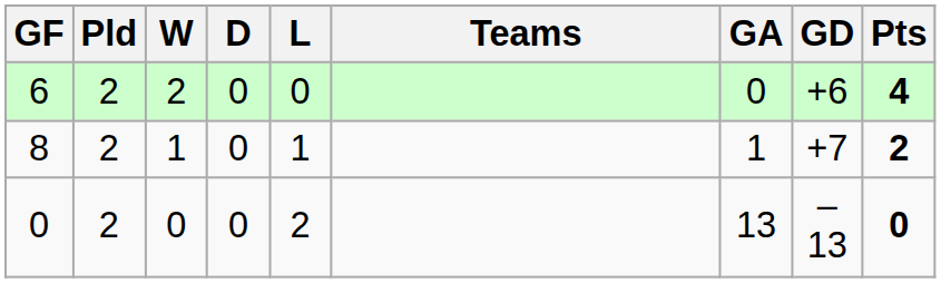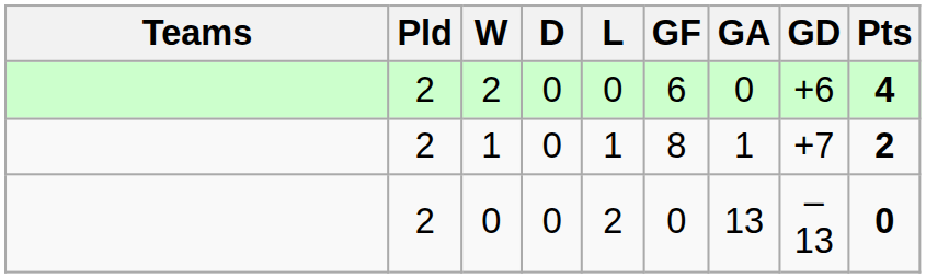 <table class="wikitable" style="text-align: center;">
 <tr>
-<th width=20>GF</th>
+<th width=165>Teams</th>
 <th width=20>Pld</th>
 <th width=20>W</th>
 <th width=20>D</th>
 <th width=20>L</th>
-<th width=165>Teams</th>
+<th width=20>GF</th>
 <th width=20>GA</th>
 <th width=20>GD</th>
 <th width=20>Pts</th>
 </tr>
 <tr align=center style="background:#ccffcc;">
-<td>6</td>
+<td style="text-align:left;"></td>
 <td>2</td>
 <td>2</td>
 <td>0</td>
 <td>0</td>
-<td style="text-align:left;"></td>
+<td>6</td>
 <td>0</td>
 <td>+6</td>
 <td><strong>4</strong></td>
 </tr>
 <tr align=center>
-<td>8</td>
+<td style="text-align:left;"></td>
 <td>2</td>
 <td>1</td>
 <td>0</td>
 <td>1</td>
-<td style="text-align:left;"></td>
+<td>8</td>
 <td>1</td>
 <td>+7</td>
 <td><strong>2</strong></td>
 </tr>
 <tr align=center>
-<td>0</td>
+<td style="text-align:left;"></td>
 <td>2</td>
 <td>0</td>
 <td>0</td>
 <td>2</td>
-<td style="text-align:left;"></td>
+<td>0</td>
 <td>13</td>
 <td>–13</td>
 <td><strong>0</strong></td>
 </tr>
 </table>
